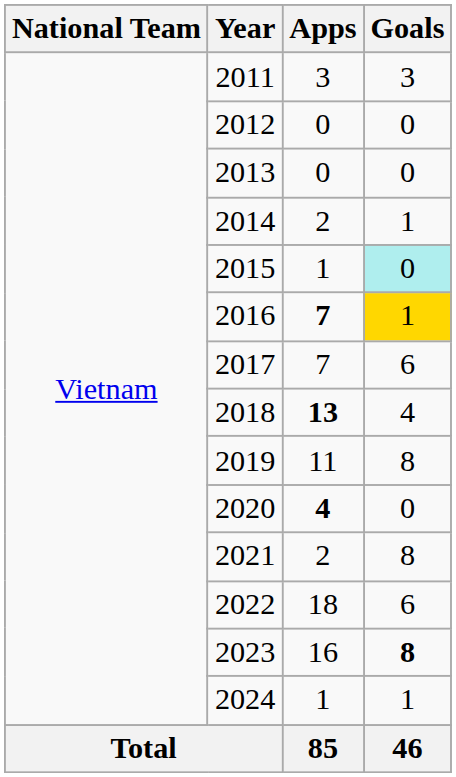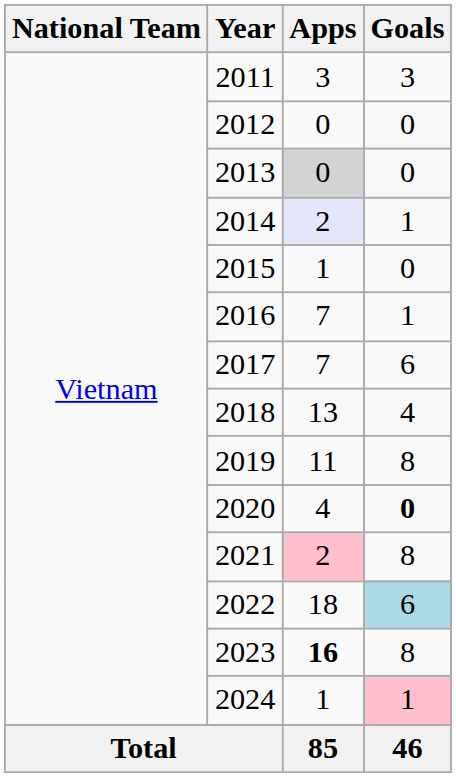 <table class="wikitable" style="text-align:center">
 <tr>
 <th>National Team</th>
 <th>Year</th>
 <th>Apps</th>
 <th>Goals</th>
 </tr>
 <tr>
 <td rowspan="14"><a href='#'>Vietnam</a></td>
 <td>2011</td>
 <td>3</td>
 <td>3</td>
 </tr>
 <tr>
 <td>2012</td>
 <td>0</td>
 <td>0</td>
 </tr>
 <tr>
 <td>2013</td>
-<td>0</td>
+<td style="background: lightgrey;">0</td>
 <td>0</td>
 </tr>
 <tr>
 <td>2014</td>
-<td>2</td>
+<td style="background: lavender;">2</td>
 <td>1</td>
 </tr>
 <tr>
 <td>2015</td>
 <td>1</td>
-<td style="background: paleturquoise;">0</td>
+<td>0</td>
 </tr>
 <tr>
 <td>2016</td>
-<td><strong>7</strong></td>
-<td style="background: gold;">1</td>
+<td>7</td>
+<td>1</td>
 </tr>
 <tr>
 <td>2017</td>
 <td>7</td>
 <td>6</td>
 </tr>
 <tr>
 <td>2018</td>
-<td><strong>13</strong></td>
+<td>13</td>
 <td>4</td>
 </tr>
 <tr>
 <td>2019</td>
 <td>11</td>
 <td>8</td>
 </tr>
 <tr>
 <td>2020</td>
-<td><strong>4</strong></td>
-<td>0</td>
+<td>4</td>
+<td><strong>0</strong></td>
 </tr>
 <tr>
 <td>2021</td>
-<td>2</td>
+<td style="background: pink;">2</td>
 <td>8</td>
 </tr>
 <tr>
 <td>2022</td>
 <td>18</td>
-<td>6</td>
+<td style="background: lightblue;">6</td>
 </tr>
 <tr>
 <td>2023</td>
-<td>16</td>
-<td><strong>8</strong></td>
+<td><strong>16</strong></td>
+<td>8</td>
 </tr>
 <tr>
 <td>2024</td>
 <td>1</td>
-<td>1</td>
+<td style="background: pink;">1</td>
 </tr>
 <tr>
 <th colspan=2>Total</th>
 <th>85</th>
 <th>46</th>
 </tr>
 </table>
